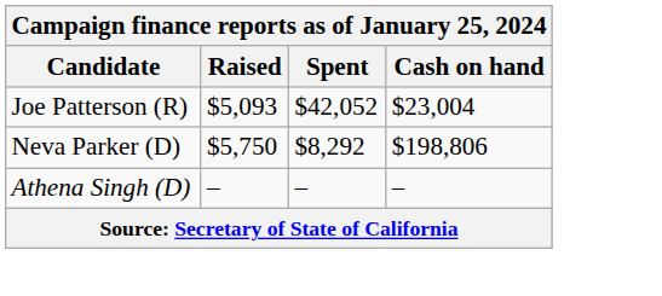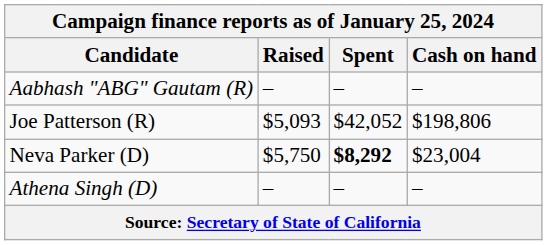 <table class="wikitable sortable">
 <tr>
 <th colspan=4>Campaign finance reports as of January 25, 2024</th>
 </tr>
 <tr style="text-align:center;">
 <th>Candidate</th>
 <th>Raised</th>
 <th>Spent</th>
 <th>Cash on hand</th>
 </tr>
 <tr>
+<td style="background-color:"><em>Aabhash "ABG" Gautam (R)</em></td>
+<td>–</td>
+<td>–</td>
+<td>–</td>
+</tr>
+<tr>
 <td style="background-color:">Joe Patterson (R)</td>
 <td>$5,093</td>
 <td>$42,052</td>
-<td>$23,004</td>
+<td>$198,806</td>
 </tr>
 <tr>
 <td style="color:black;background-color:">Neva Parker (D)</td>
 <td>$5,750</td>
-<td>$8,292</td>
-<td>$198,806</td>
+<td><strong>$8,292</strong></td>
+<td>$23,004</td>
 </tr>
 <tr>
 <td style="color:black;background-color:"><em>Athena Singh (D)</em></td>
 <td>–</td>
 <td>–</td>
 <td>–</td>
 </tr>
 <tr>
 <th colspan="4"><small>Source: <a href='#'>Secretary of State of California</a></small></th>
 </tr>
 </table>
